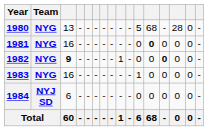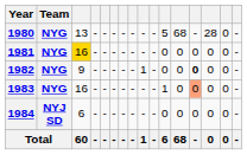 <table class="wikitable" style="text-align:center">
 <tr>
 <th>Year</th>
 <th>Team</th>
 <th></th>
 <th></th>
 <th></th>
 <th></th>
 <th></th>
 <th></th>
 <th></th>
 <th></th>
 <th></th>
 <th></th>
 <th></th>
 <th></th>
 <th></th>
 <th></th>
 </tr>
 <tr>
 <th><a href='#'>1980</a></th>
 <th><a href='#'>NYG</a></th>
 <td>13</td>
 <td>-</td>
 <td>-</td>
 <td>-</td>
 <td>-</td>
 <td>-</td>
 <td>-</td>
 <td>-</td>
 <td>5</td>
 <td>68</td>
 <td>-</td>
 <td>28</td>
 <td>0</td>
 <td>-</td>
 </tr>
 <tr>
 <th><a href='#'>1981</a></th>
 <th><a href='#'>NYG</a></th>
-<td>16</td>
+<td style="background: gold;">16</td>
 <td>-</td>
 <td>-</td>
 <td>-</td>
 <td>-</td>
 <td>-</td>
 <td>-</td>
 <td>-</td>
 <td>0</td>
-<td><strong>0</strong></td>
+<td>0</td>
 <td>0</td>
 <td>0</td>
 <td>0</td>
 <td>-</td>
 </tr>
 <tr>
 <th><a href='#'>1982</a></th>
 <th><a href='#'>NYG</a></th>
-<td><strong>9</strong></td>
+<td>9</td>
 <td>-</td>
 <td>-</td>
 <td>-</td>
 <td>-</td>
 <td>-</td>
 <td>1</td>
 <td>-</td>
 <td>0</td>
 <td>0</td>
 <td><strong>0</strong></td>
 <td>0</td>
 <td>0</td>
 <td>-</td>
 </tr>
 <tr>
 <th><a href='#'>1983</a></th>
 <th><a href='#'>NYG</a></th>
 <td>16</td>
 <td>-</td>
 <td>-</td>
 <td>-</td>
 <td>-</td>
 <td>-</td>
 <td>-</td>
 <td>-</td>
 <td>1</td>
 <td>0</td>
-<td>0</td>
+<td style="background: lightsalmon;">0</td>
 <td>0</td>
 <td>0</td>
 <td>-</td>
 </tr>
 <tr>
 <th><a href='#'>1984</a></th>
 <th><a href='#'>NYJ</a> <br> <a href='#'>SD</a></th>
 <td>6</td>
 <td>-</td>
 <td>-</td>
 <td>-</td>
 <td>-</td>
 <td>-</td>
 <td>-</td>
 <td>-</td>
 <td>0</td>
 <td>0</td>
 <td>0</td>
 <td>0</td>
 <td>0</td>
 <td>-</td>
 </tr>
 <tr>
 <th colspan="2">Total</th>
 <th>60</th>
 <th>-</th>
 <th>-</th>
 <th>-</th>
 <th>-</th>
 <th>-</th>
 <th>1</th>
 <th>-</th>
 <th>6</th>
 <th>68</th>
 <th>-</th>
 <th>0</th>
 <th>0</th>
 <th>-</th>
 </tr>
 </table>
